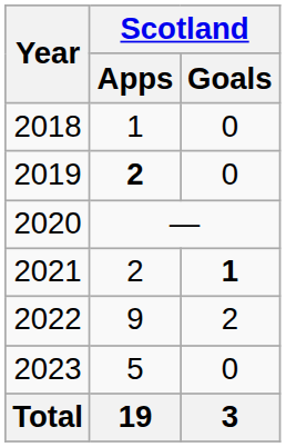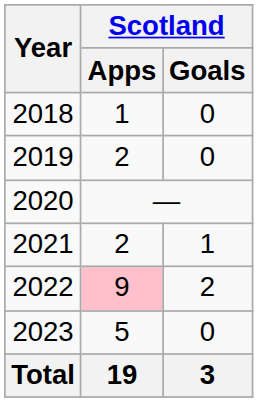 <table class="wikitable" style="text-align:center">
 <tr>
 <th rowspan=2>Year</th>
 <th colspan=2><a href='#'>Scotland</a></th>
 </tr>
 <tr>
 <th>Apps</th>
 <th>Goals</th>
 </tr>
 <tr>
 <td>2018</td>
 <td>1</td>
 <td>0</td>
 </tr>
 <tr>
 <td>2019</td>
-<td><strong>2</strong></td>
+<td>2</td>
 <td>0</td>
 </tr>
 <tr>
 <td>2020</td>
 <td colspan=2>—</td>
 </tr>
 <tr>
 <td>2021</td>
 <td>2</td>
-<td><strong>1</strong></td>
+<td>1</td>
 </tr>
 <tr>
 <td>2022</td>
-<td>9</td>
+<td style="background: pink;">9</td>
 <td>2</td>
 </tr>
 <tr>
 <td>2023</td>
 <td>5</td>
 <td>0</td>
 </tr>
 <tr>
 <th>Total</th>
 <th>19</th>
 <th>3</th>
 </tr>
 </table>
